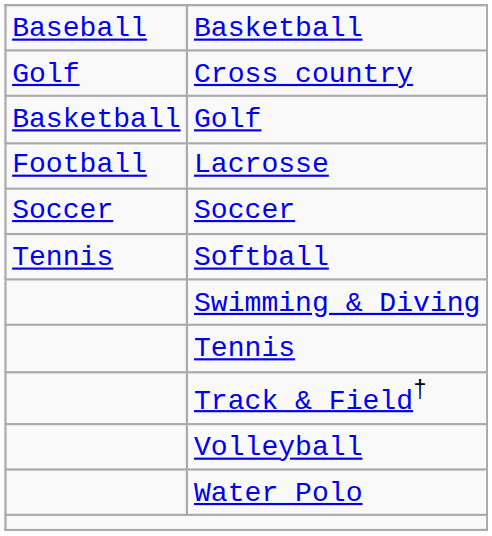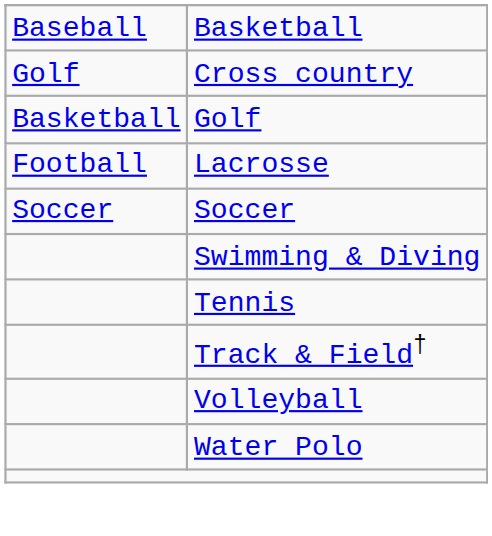 <table class="wikitable" style="float:right; clear:right; margin:0 0 1em 1em;">
 <tr>
 </tr>
 <tr>
 <td><a href='#'>Baseball</a></td>
 <td><a href='#'>Basketball</a></td>
 </tr>
 <tr>
 <td><a href='#'>Golf</a></td>
 <td><a href='#'>Cross country</a></td>
 </tr>
 <tr>
 <td><a href='#'>Basketball</a></td>
 <td><a href='#'>Golf</a></td>
 </tr>
 <tr>
 <td><a href='#'>Football</a></td>
 <td><a href='#'>Lacrosse</a></td>
 </tr>
 <tr>
 <td><a href='#'>Soccer</a></td>
 <td><a href='#'>Soccer</a></td>
-</tr>
-<tr>
-<td><a href='#'>Tennis</a></td>
-<td><a href='#'>Softball</a></td>
 </tr>
 <tr>
 <td></td>
 <td><a href='#'>Swimming & Diving</a></td>
 </tr>
 <tr>
 <td></td>
 <td><a href='#'>Tennis</a></td>
 </tr>
 <tr>
 <td></td>
 <td><a href='#'>Track & Field</a><sup>†</sup></td>
 </tr>
 <tr>
 <td></td>
 <td><a href='#'>Volleyball</a></td>
 </tr>
 <tr>
 <td></td>
 <td><a href='#'>Water Polo</a></td>
 </tr>
 <tr>
 <td colspan="2"></td>
 </tr>
 </table>
